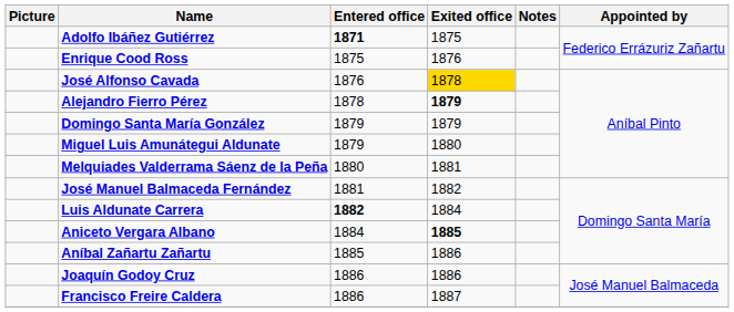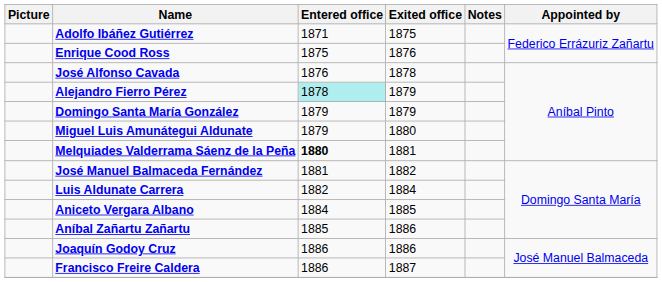 <table class="wikitable" style="margin:1em auto; font-size:95%;">
 <tr>
 <th>Picture</th>
 <th>Name</th>
 <th>Entered office</th>
 <th>Exited office</th>
 <th>Notes</th>
 <th>Appointed by</th>
 </tr>
 <tr>
 <td></td>
 <td><strong><a href='#'>Adolfo Ibáñez Gutiérrez</a></strong></td>
-<td><strong>1871</strong></td>
+<td>1871</td>
 <td>1875</td>
 <td></td>
 <td rowspan=2 align=center><a href='#'>Federico Errázuriz Zañartu</a></td>
 </tr>
 <tr>
 <td></td>
 <td><strong><a href='#'>Enrique Cood Ross</a></strong></td>
 <td>1875</td>
 <td>1876</td>
 <td></td>
 </tr>
 <tr>
 <td></td>
 <td><strong><a href='#'>José Alfonso Cavada</a></strong></td>
 <td>1876</td>
-<td style="background: gold;">1878</td>
+<td>1878</td>
 <td></td>
 <td rowspan=5 align=center><a href='#'>Aníbal Pinto</a></td>
 </tr>
 <tr>
 <td></td>
 <td><strong><a href='#'>Alejandro Fierro Pérez</a></strong></td>
-<td>1878</td>
-<td><strong>1879</strong></td>
+<td style="background: paleturquoise;">1878</td>
+<td>1879</td>
 <td></td>
 </tr>
 <tr>
 <td></td>
 <td><strong><a href='#'>Domingo Santa María González</a></strong></td>
 <td>1879</td>
 <td>1879</td>
 <td></td>
 </tr>
 <tr>
 <td></td>
 <td><strong><a href='#'>Miguel Luis Amunátegui Aldunate</a></strong></td>
 <td>1879</td>
 <td>1880</td>
 <td></td>
 </tr>
 <tr>
 <td></td>
 <td><strong><a href='#'>Melquiades Valderrama Sáenz de la Peña</a></strong></td>
-<td>1880</td>
+<td><strong>1880</strong></td>
 <td>1881</td>
 <td></td>
 </tr>
 <tr>
 <td></td>
 <td><strong><a href='#'>José Manuel Balmaceda Fernández</a></strong></td>
 <td>1881</td>
 <td>1882</td>
 <td></td>
 <td rowspan=4 align=center><a href='#'>Domingo Santa María</a></td>
 </tr>
 <tr>
 <td></td>
 <td><strong><a href='#'>Luis Aldunate Carrera</a></strong></td>
-<td><strong>1882</strong></td>
+<td>1882</td>
 <td>1884</td>
 <td></td>
 </tr>
 <tr>
 <td></td>
 <td><strong><a href='#'>Aniceto Vergara Albano</a></strong></td>
 <td>1884</td>
-<td><strong>1885</strong></td>
+<td>1885</td>
 <td></td>
 </tr>
 <tr>
 <td></td>
 <td><strong><a href='#'>Aníbal Zañartu Zañartu</a></strong></td>
 <td>1885</td>
 <td>1886</td>
 <td></td>
 </tr>
 <tr>
 <td></td>
 <td><strong><a href='#'>Joaquín Godoy Cruz</a></strong></td>
 <td>1886</td>
 <td>1886</td>
 <td></td>
 <td rowspan=2 align=center><a href='#'>José Manuel Balmaceda</a></td>
 </tr>
 <tr>
 <td></td>
 <td><strong><a href='#'>Francisco Freire Caldera</a></strong></td>
 <td>1886</td>
 <td>1887</td>
 <td></td>
 </tr>
 <tr>
 </tr>
 </table>
